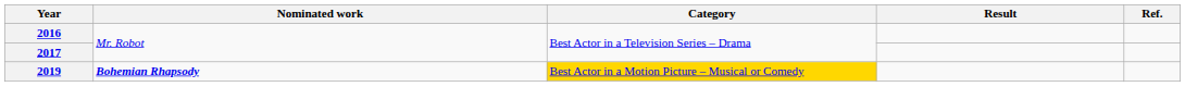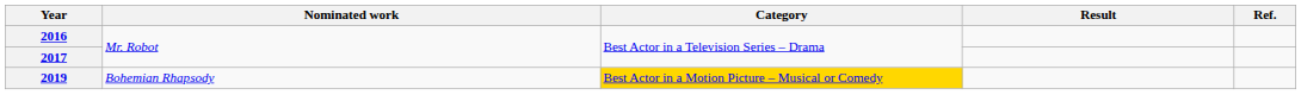 <table class="wikitable">
 <tr>
 <th width=2%>Year</th>
 <th width=11%>Nominated work</th>
 <th width=8%>Category</th>
 <th width=6%>Result</th>
 <th width=1%>Ref.</th>
 </tr>
 <tr>
 <th scope=row><a href='#'>2016</a></th>
 <td rowspan="2"><em><a href='#'>Mr. Robot</a></em></td>
 <td rowspan="2"><a href='#'>Best Actor in a Television Series – Drama</a></td>
 <td></td>
 <td style="text-align:center;"></td>
 </tr>
 <tr>
 <th scope=row><a href='#'>2017</a></th>
 <td></td>
 <td style="text-align:center;"></td>
 </tr>
 <tr>
 <th scope=row><a href='#'>2019</a></th>
-<td><strong><em><a href='#'>Bohemian Rhapsody</a></em></strong></td>
+<td><em><a href='#'>Bohemian Rhapsody</a></em></td>
 <td style="background: gold;"><a href='#'>Best Actor in a Motion Picture – Musical or Comedy</a></td>
 <td></td>
 <td style="text-align:center;"></td>
 </tr>
 </table>
